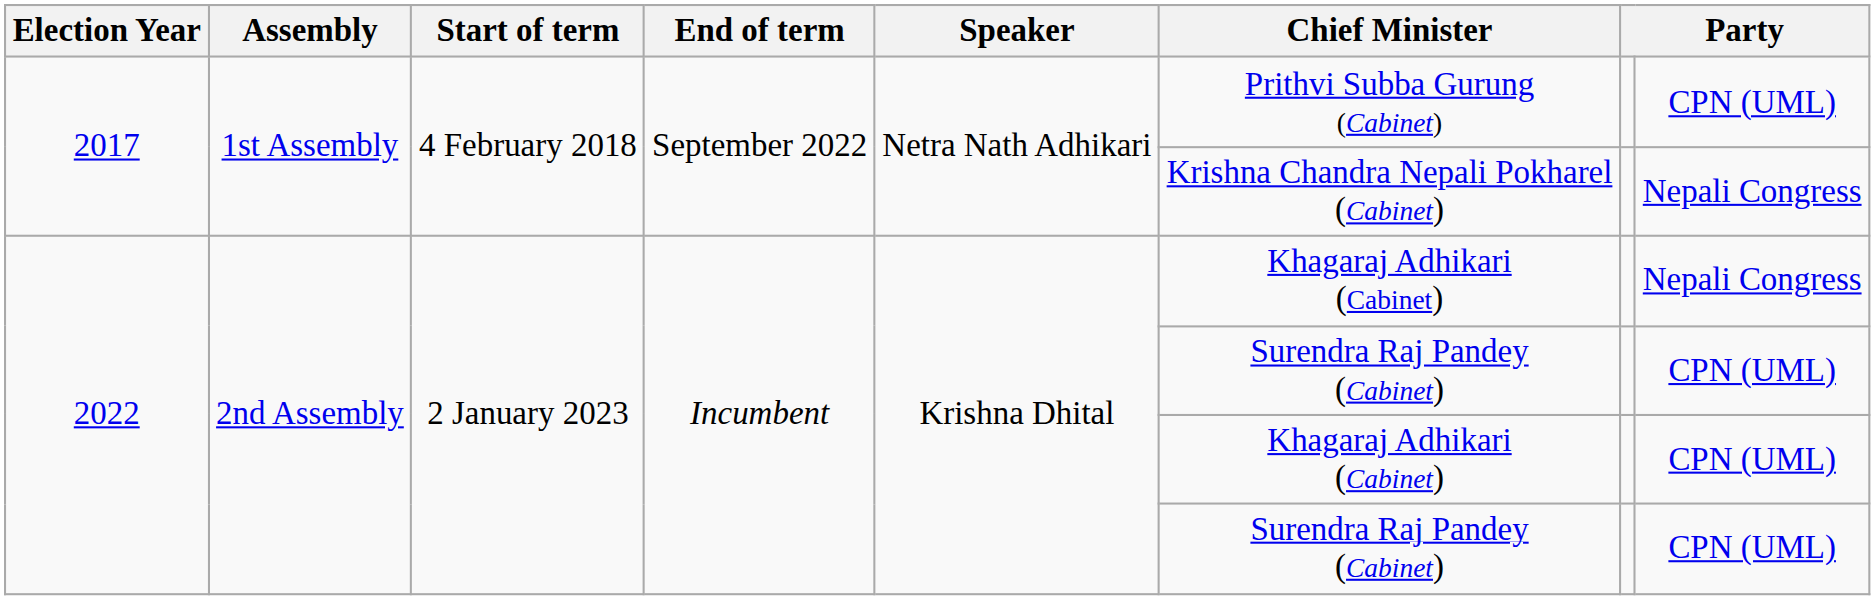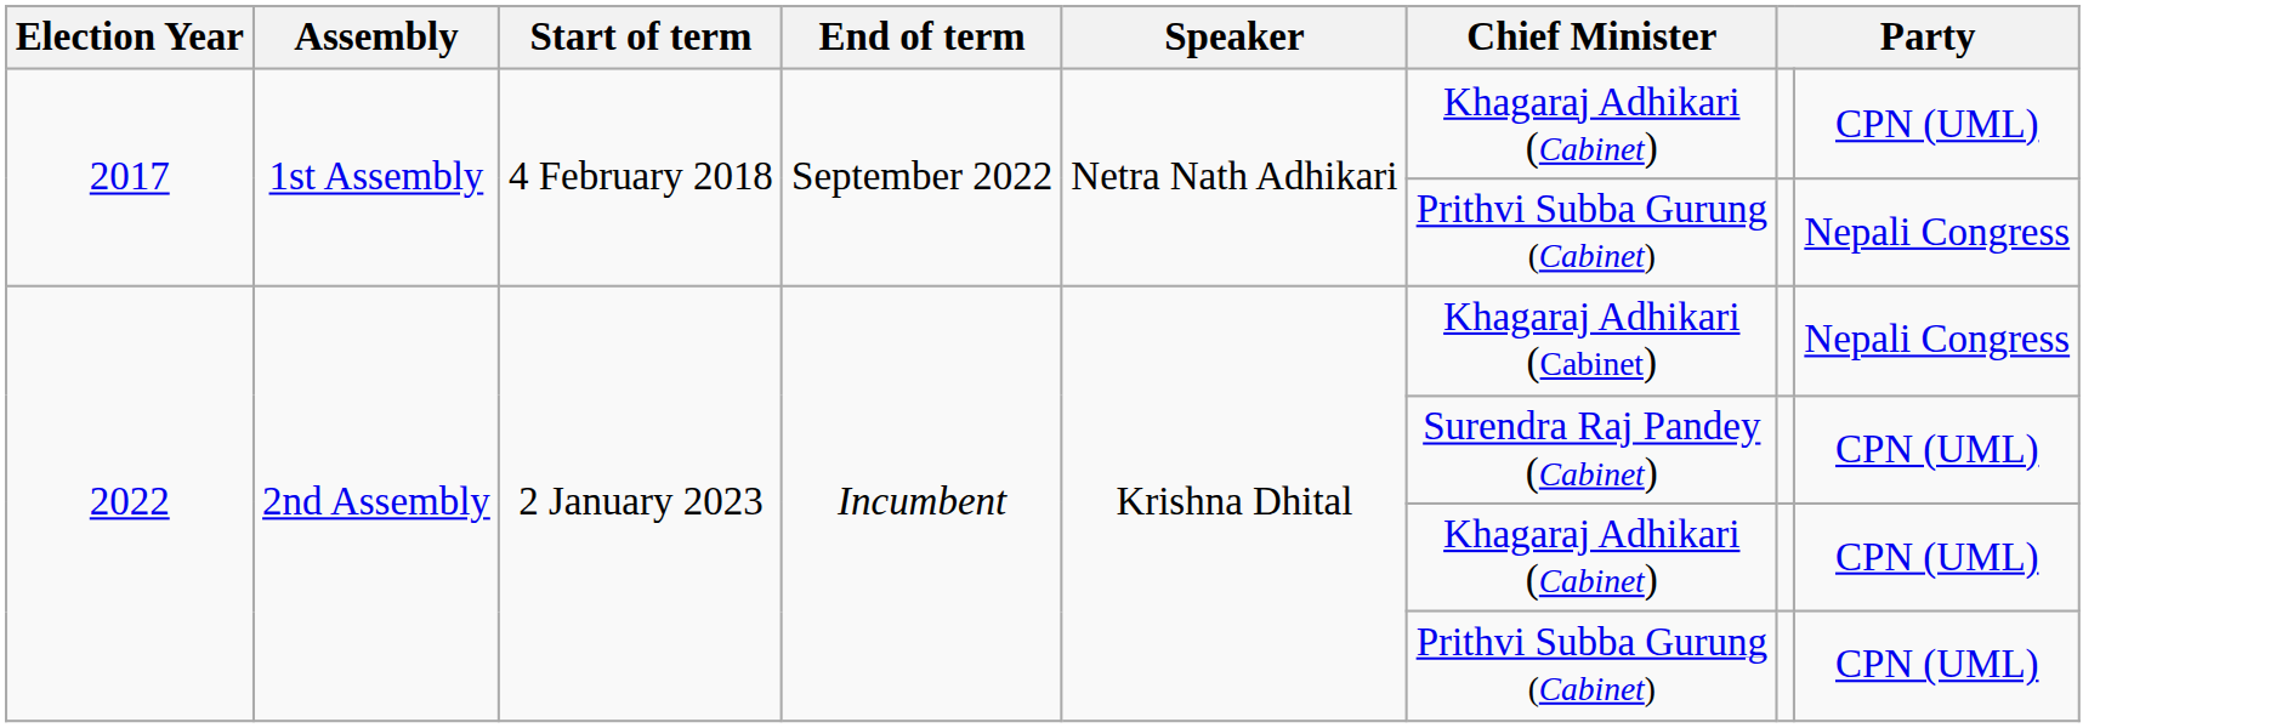 <table class="wikitable" style="text-align:center">
 <tr>
 <th>Election Year</th>
 <th>Assembly</th>
 <th>Start of term</th>
 <th>End of term</th>
 <th>Speaker</th>
 <th>Chief Minister</th>
 <th colspan="2">Party</th>
 </tr>
 <tr>
 <td rowspan="2"><a href='#'>2017</a></td>
 <td rowspan="2"><a href='#'>1st Assembly</a></td>
 <td rowspan="2">4 February 2018</td>
 <td rowspan="2">September 2022</td>
 <td rowspan="2">Netra Nath Adhikari</td>
-<td><a href='#'>Prithvi Subba Gurung</a><br><small>(<a href='#'><em>Cabinet</em></a>)</small></td>
+<td><a href='#'>Khagaraj Adhikari</a><br> (<small><em><a href='#'>Cabinet</a></em></small>)</td>
 <td></td>
 <td><a href='#'>CPN (UML)</a></td>
 </tr>
 <tr>
-<td><a href='#'>Krishna Chandra Nepali Pokharel</a><br>(<small><em><a href='#'>Cabinet</a></em></small>)</td>
+<td><a href='#'>Prithvi Subba Gurung</a><br><small>(<a href='#'><em>Cabinet</em></a>)</small></td>
 <td></td>
 <td><a href='#'>Nepali Congress</a></td>
 </tr>
 <tr>
 <td rowspan="4"><a href='#'>2022</a></td>
 <td rowspan="4"><a href='#'>2nd Assembly</a></td>
 <td rowspan="4">2 January 2023</td>
 <td rowspan="4"><em>Incumbent</em></td>
 <td rowspan="4">Krishna Dhital</td>
 <td><a href='#'>Khagaraj Adhikari</a><br>(<small><em><a href='#'></em>Cabinet<em></a></em></small>)</td>
 <td></td>
 <td><a href='#'>Nepali Congress</a></td>
 </tr>
 <tr>
 <td><a href='#'>Surendra Raj Pandey</a><br>(<small><em><a href='#'>Cabinet</a></em></small>)</td>
 <td></td>
 <td><a href='#'>CPN (UML)</a></td>
 </tr>
 <tr>
 <td><a href='#'>Khagaraj Adhikari</a><br> (<small><em><a href='#'>Cabinet</a></em></small>)</td>
 <td></td>
 <td><a href='#'>CPN (UML)</a></td>
 </tr>
 <tr>
-<td><a href='#'>Surendra Raj Pandey</a><br> (<small><em><a href='#'>Cabinet</a></em></small>)</td>
+<td><a href='#'>Prithvi Subba Gurung</a><br><small>(<a href='#'><em>Cabinet</em></a>)</small></td>
 <td></td>
 <td><a href='#'>CPN (UML)</a></td>
 </tr>
 </table>
